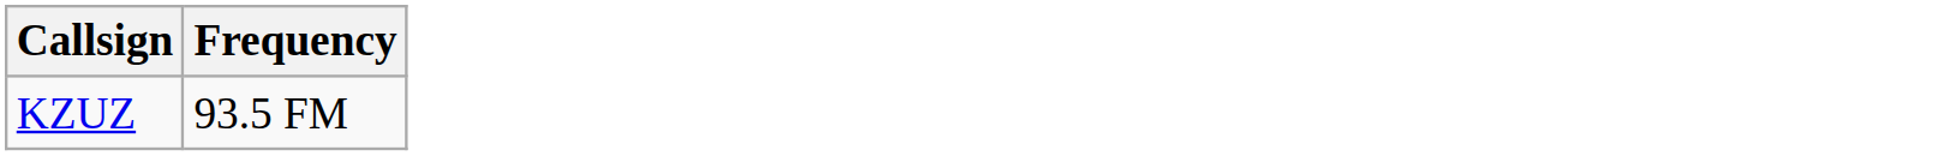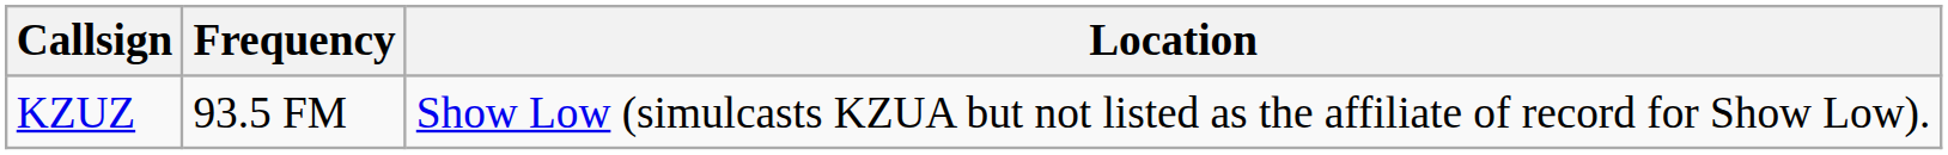 <table class="wikitable">
 <tr>
 <th>Callsign</th>
 <th>Frequency</th>
+<th>Location</th>
 </tr>
 <tr>
 <td><a href='#'>KZUZ</a></td>
 <td>93.5 FM</td>
+<td><a href='#'>Show Low</a> (simulcasts KZUA but not listed as the affiliate of record for Show Low).</td>
 </tr>
 </table>
